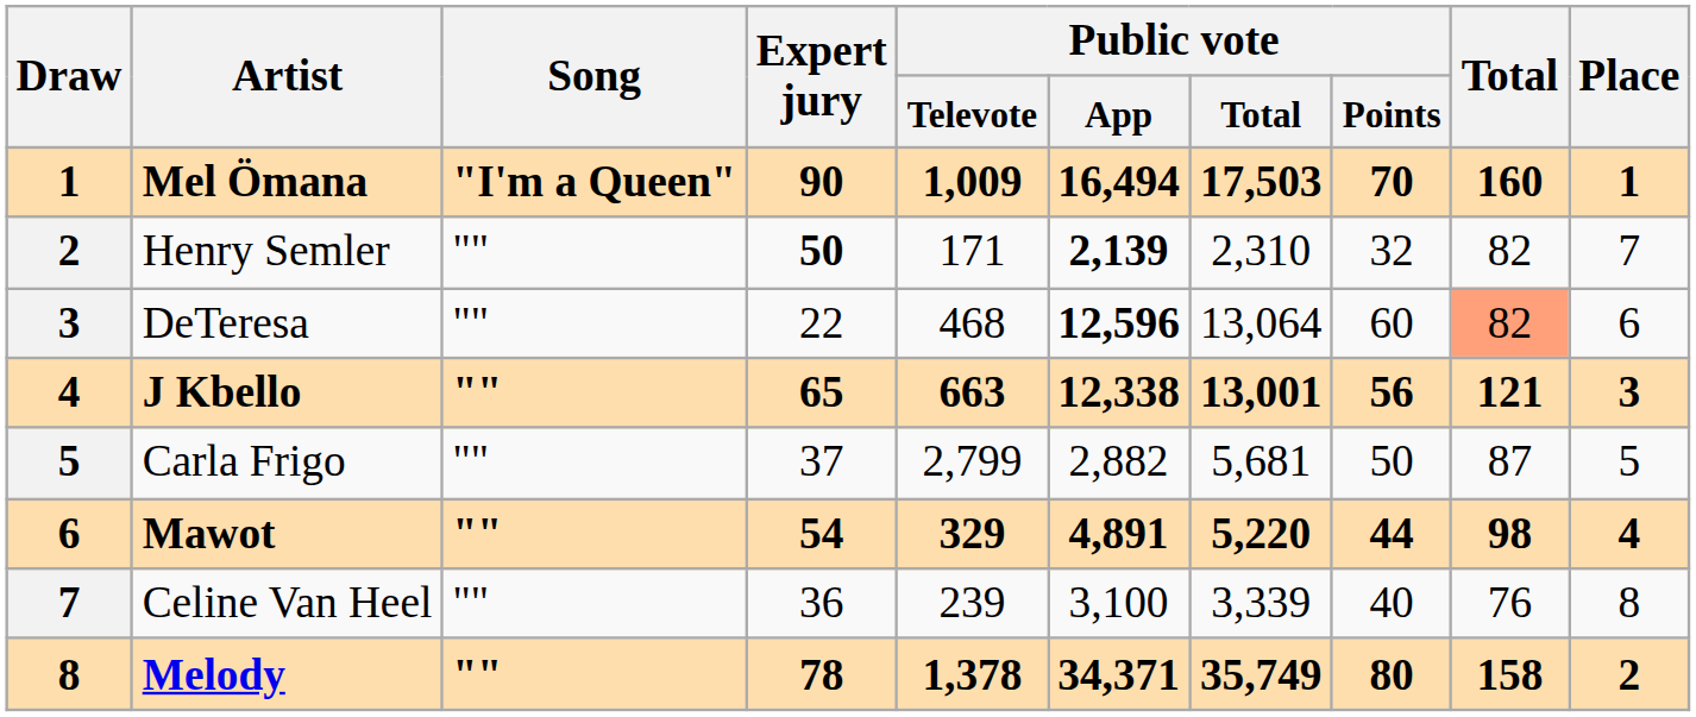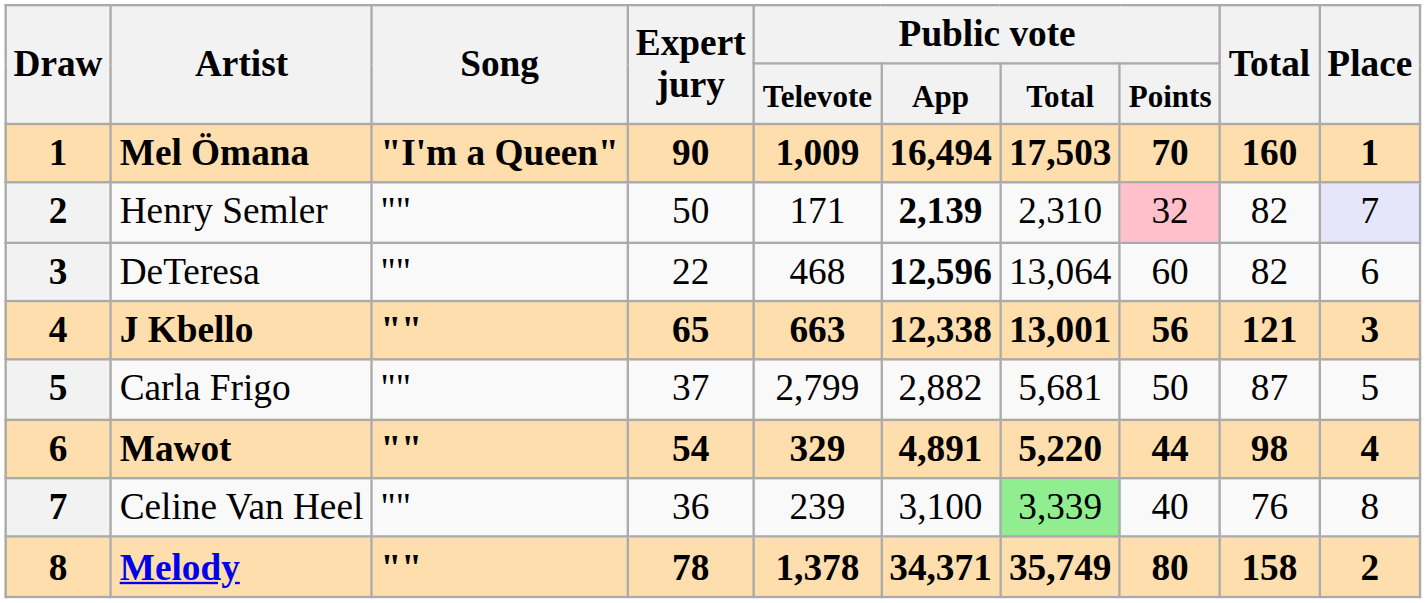 <table class="sortable wikitable plainrowheaders" style="margin: 1em auto 1em auto; text-align:center;">
 <tr>
 <th rowspan="2">Draw</th>
 <th rowspan="2">Artist</th>
 <th rowspan="2">Song</th>
 <th rowspan="2">Expert<br>jury</th>
 <th colspan="4">Public vote</th>
 <th rowspan="2">Total</th>
 <th rowspan="2">Place</th>
 </tr>
 <tr>
 <th><small>Televote</small></th>
 <th><small>App</small></th>
 <th><small>Total</small></th>
 <th><small>Points</small></th>
 </tr>
 <tr style="font-weight:bold; background:navajowhite;">
 <th scope="row" style="text-align:center; font-weight:bold; background:navajowhite;">1</th>
 <td align="left">Mel Ömana</td>
 <td align="left">"I'm a Queen"</td>
 <td>90</td>
 <td>1,009</td>
 <td>16,494</td>
 <td>17,503</td>
 <td>70</td>
 <td>160</td>
 <td>1</td>
 </tr>
 <tr>
 <th scope="row" style="text-align:center;">2</th>
 <td align="left">Henry Semler</td>
 <td align="left">""</td>
-<td><strong>50</strong></td>
+<td>50</td>
 <td>171</td>
 <td><strong>2,139</strong></td>
 <td>2,310</td>
-<td>32</td>
+<td style="background: pink;">32</td>
 <td>82</td>
-<td>7</td>
+<td style="background: lavender;">7</td>
 </tr>
 <tr>
 <th scope="row" style="text-align:center;">3</th>
 <td align="left">DeTeresa</td>
 <td align="left">""</td>
 <td>22</td>
 <td>468</td>
 <td><strong>12,596</strong></td>
 <td>13,064</td>
 <td>60</td>
-<td style="background: lightsalmon;">82</td>
+<td>82</td>
 <td>6</td>
 </tr>
 <tr style="font-weight:bold; background:navajowhite;">
 <th scope="row" style="text-align:center; font-weight:bold; background:navajowhite;">4</th>
 <td align="left">J Kbello</td>
 <td align="left">""</td>
 <td>65</td>
 <td>663</td>
 <td>12,338</td>
 <td>13,001</td>
 <td>56</td>
 <td>121</td>
 <td>3</td>
 </tr>
 <tr>
 <th scope="row" style="text-align:center;">5</th>
 <td align="left">Carla Frigo</td>
 <td align="left">""</td>
 <td>37</td>
 <td>2,799</td>
 <td>2,882</td>
 <td>5,681</td>
 <td>50</td>
 <td>87</td>
 <td>5</td>
 </tr>
 <tr style="font-weight:bold; background:navajowhite;">
 <th scope="row" style="text-align:center; font-weight:bold; background:navajowhite;">6</th>
 <td align="left">Mawot</td>
 <td align="left">""</td>
 <td>54</td>
 <td>329</td>
 <td>4,891</td>
 <td>5,220</td>
 <td>44</td>
 <td>98</td>
 <td>4</td>
 </tr>
 <tr>
 <th scope="row" style="text-align:center;">7</th>
 <td align="left">Celine Van Heel</td>
 <td align="left">""</td>
 <td>36</td>
 <td>239</td>
 <td>3,100</td>
-<td>3,339</td>
+<td style="background: lightgreen;">3,339</td>
 <td>40</td>
 <td>76</td>
 <td>8</td>
 </tr>
 <tr style="font-weight:bold; background:navajowhite;">
 <th scope="row" style="text-align:center; font-weight:bold; background:navajowhite;">8</th>
 <td align="left"><a href='#'>Melody</a></td>
 <td align="left">""</td>
 <td>78</td>
 <td>1,378</td>
 <td>34,371</td>
 <td>35,749</td>
 <td>80</td>
 <td>158</td>
 <td>2</td>
 </tr>
 </table>
